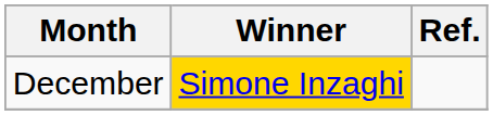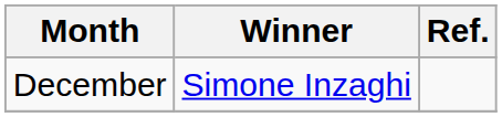 <table class="wikitable">
 <tr>
 <th>Month</th>
 <th>Winner</th>
 <th>Ref.</th>
 </tr>
 <tr>
 <td>December</td>
-<td style="background: gold;"> <a href='#'>Simone Inzaghi</a></td>
+<td> <a href='#'>Simone Inzaghi</a></td>
 <td></td>
 </tr>
 <tr>
 </tr>
 </table>
